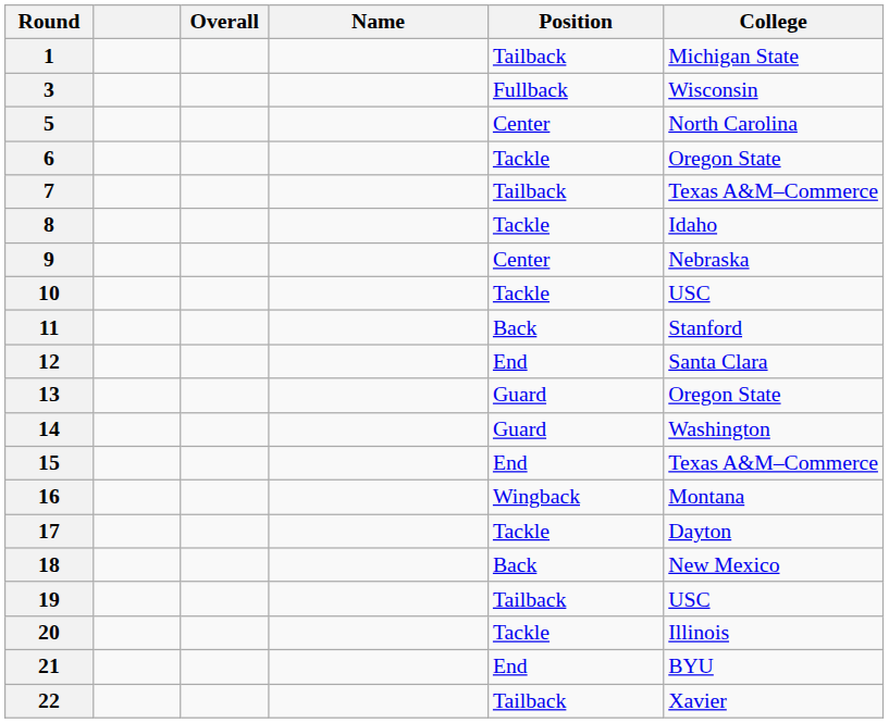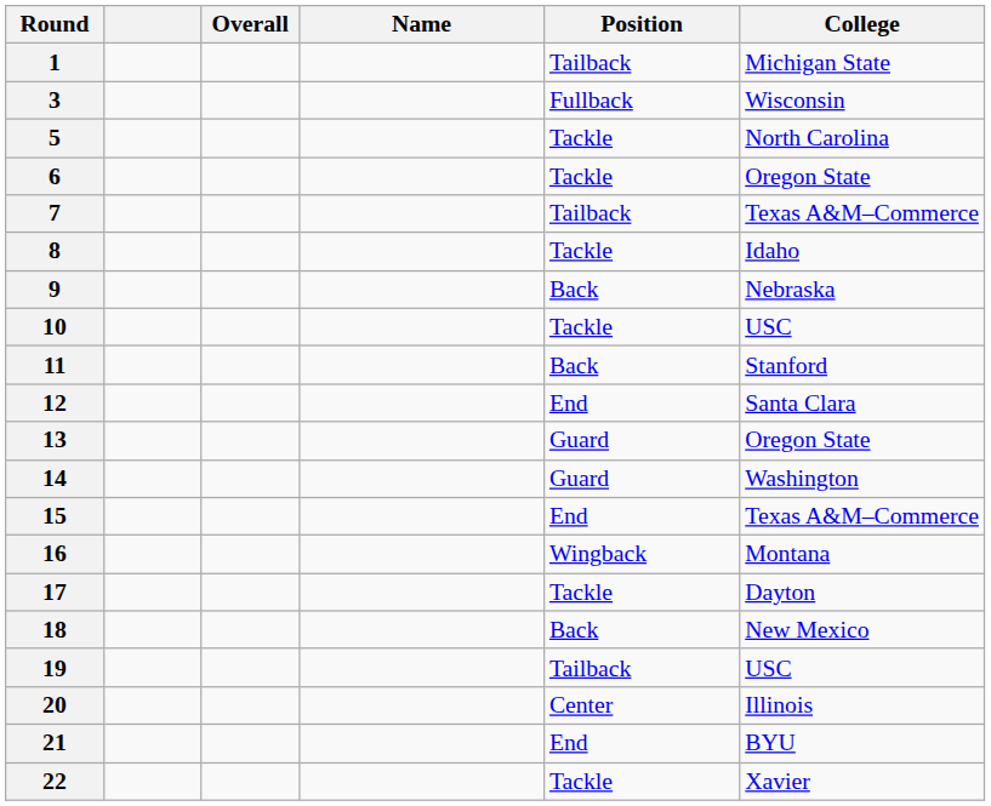 <table class="wikitable sortable">
 <tr>
 <th scope="col" style="width: 10%;">Round</th>
 <th scope="col" style="width: 10%;"></th>
 <th scope="col" style="width: 10%;">Overall</th>
 <th scope="col" style="width: 25%;">Name</th>
 <th scope="col" style="width: 20%;">Position</th>
 <th scope="col" style="width: 25%;">College</th>
 </tr>
 <tr>
 <th scope="row">1</th>
 <td></td>
 <td></td>
 <td></td>
 <td><a href='#'>Tailback</a></td>
 <td><a href='#'>Michigan State</a></td>
 </tr>
 <tr>
 <th scope="row">3</th>
 <td></td>
 <td></td>
 <td></td>
 <td><a href='#'>Fullback</a></td>
 <td><a href='#'>Wisconsin</a></td>
 </tr>
 <tr>
 <th scope="row">5</th>
 <td></td>
 <td></td>
 <td></td>
-<td><a href='#'>Center</a></td>
+<td><a href='#'>Tackle</a></td>
 <td><a href='#'>North Carolina</a></td>
 </tr>
 <tr>
 <th scope="row">6</th>
 <td></td>
 <td></td>
 <td></td>
 <td><a href='#'>Tackle</a></td>
 <td><a href='#'>Oregon State</a></td>
 </tr>
 <tr>
 <th scope="row">7</th>
 <td></td>
 <td></td>
 <td></td>
 <td><a href='#'>Tailback</a></td>
 <td><a href='#'>Texas A&M–Commerce</a></td>
 </tr>
 <tr>
 <th scope="row">8</th>
 <td></td>
 <td></td>
 <td></td>
 <td><a href='#'>Tackle</a></td>
 <td><a href='#'>Idaho</a></td>
 </tr>
 <tr>
 <th scope="row">9</th>
 <td></td>
 <td></td>
 <td></td>
-<td><a href='#'>Center</a></td>
+<td><a href='#'>Back</a></td>
 <td><a href='#'>Nebraska</a></td>
 </tr>
 <tr>
 <th scope="row">10</th>
 <td></td>
 <td></td>
 <td></td>
 <td><a href='#'>Tackle</a></td>
 <td><a href='#'>USC</a></td>
 </tr>
 <tr>
 <th scope="row">11</th>
 <td></td>
 <td></td>
 <td></td>
 <td><a href='#'>Back</a></td>
 <td><a href='#'>Stanford</a></td>
 </tr>
 <tr>
 <th scope="row">12</th>
 <td></td>
 <td></td>
 <td></td>
 <td><a href='#'>End</a></td>
 <td><a href='#'>Santa Clara</a></td>
 </tr>
 <tr>
 <th scope="row">13</th>
 <td></td>
 <td></td>
 <td></td>
 <td><a href='#'>Guard</a></td>
 <td><a href='#'>Oregon State</a></td>
 </tr>
 <tr>
 <th scope="row">14</th>
 <td></td>
 <td></td>
 <td></td>
 <td><a href='#'>Guard</a></td>
 <td><a href='#'>Washington</a></td>
 </tr>
 <tr>
 <th scope="row">15</th>
 <td></td>
 <td></td>
 <td></td>
 <td><a href='#'>End</a></td>
 <td><a href='#'>Texas A&M–Commerce</a></td>
 </tr>
 <tr>
 <th scope="row">16</th>
 <td></td>
 <td></td>
 <td></td>
 <td><a href='#'>Wingback</a></td>
 <td><a href='#'>Montana</a></td>
 </tr>
 <tr>
 <th scope="row">17</th>
 <td></td>
 <td></td>
 <td></td>
 <td><a href='#'>Tackle</a></td>
 <td><a href='#'>Dayton</a></td>
 </tr>
 <tr>
 <th scope="row">18</th>
 <td></td>
 <td></td>
 <td></td>
 <td><a href='#'>Back</a></td>
 <td><a href='#'>New Mexico</a></td>
 </tr>
 <tr>
 <th scope="row">19</th>
 <td></td>
 <td></td>
 <td></td>
 <td><a href='#'>Tailback</a></td>
 <td><a href='#'>USC</a></td>
 </tr>
 <tr>
 <th scope="row">20</th>
 <td></td>
 <td></td>
 <td></td>
-<td><a href='#'>Tackle</a></td>
+<td><a href='#'>Center</a></td>
 <td><a href='#'>Illinois</a></td>
 </tr>
 <tr>
 <th scope="row">21</th>
 <td></td>
 <td></td>
 <td></td>
 <td><a href='#'>End</a></td>
 <td><a href='#'>BYU</a></td>
 </tr>
 <tr>
 <th scope="row">22</th>
 <td></td>
 <td></td>
 <td></td>
-<td><a href='#'>Tailback</a></td>
+<td><a href='#'>Tackle</a></td>
 <td><a href='#'>Xavier</a></td>
 </tr>
 </table>
